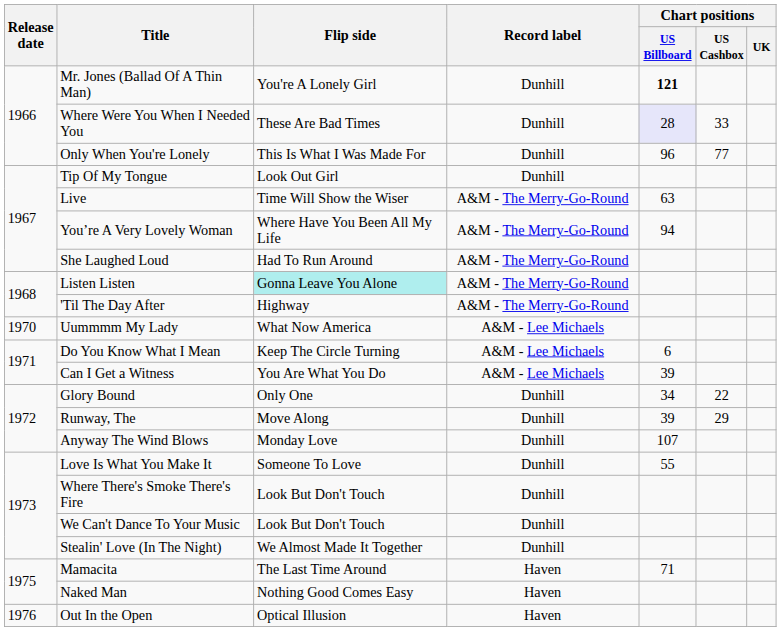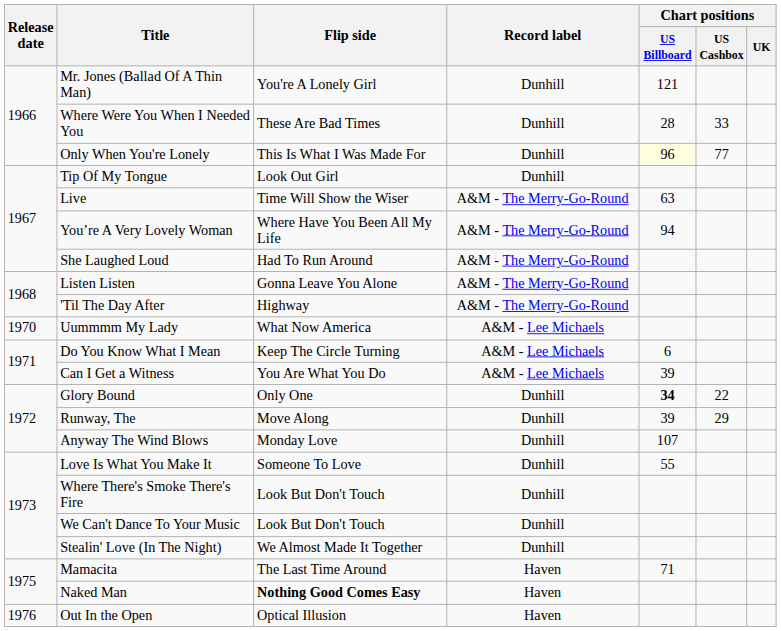 <table class="wikitable">
 <tr>
 <th style="width:20px;" rowspan="2">Release date</th>
 <th style="width:350px;" rowspan="2">Title</th>
 <th style="width:350px;" rowspan="2">Flip side</th>
 <th style="width:350px;" rowspan="2">Record label</th>
 <th colspan="4">Chart positions</th>
 </tr>
 <tr>
 <th style="width:60px;"><small><a href='#'>US Billboard</a></small></th>
 <th style="width:50px;"><small> US Cashbox </small></th>
 <th style="width:30px;"><small>UK</small></th>
 </tr>
 <tr>
 <td rowspan="3">1966</td>
 <td>Mr. Jones (Ballad Of A Thin Man)</td>
 <td>You're A Lonely Girl</td>
 <td style="text-align:center;">Dunhill</td>
-<td style="text-align:center;"><strong>121</strong></td>
+<td style="text-align:center;">121</td>
 <td style="text-align:center;"></td>
 <td style="text-align:center;"></td>
 </tr>
 <tr>
 <td>Where Were You When I Needed You</td>
 <td>These Are Bad Times</td>
 <td style="text-align:center;">Dunhill</td>
-<td style="background: lavender; text-align:center;">28</td>
+<td style="text-align:center;">28</td>
 <td style="text-align:center;">33</td>
 <td style="text-align:center;"></td>
 </tr>
 <tr>
 <td>Only When You're Lonely</td>
 <td>This Is What I Was Made For</td>
 <td style="text-align:center;">Dunhill</td>
-<td style="text-align:center;">96</td>
+<td style="background: lightyellow; text-align:center;">96</td>
 <td style="text-align:center;">77</td>
 <td style="text-align:center;"></td>
 </tr>
 <tr>
 <td rowspan="4">1967</td>
 <td>Tip Of My Tongue</td>
 <td>Look Out Girl</td>
 <td style="text-align:center;">Dunhill</td>
 <td style="text-align:center;"></td>
 <td style="text-align:center;"></td>
 <td style="text-align:center;"></td>
 </tr>
 <tr>
 <td>Live</td>
 <td>Time Will Show the Wiser</td>
 <td style="text-align:center;">A&M - <a href='#'>The Merry-Go-Round</a></td>
 <td style="text-align:center;">63</td>
 <td style="text-align:center;"></td>
 <td style="text-align:center;"></td>
 </tr>
 <tr>
 <td>You’re A Very Lovely Woman</td>
 <td>Where Have You Been All My Life</td>
 <td style="text-align:center;">A&M - <a href='#'>The Merry-Go-Round</a></td>
 <td style="text-align:center;">94</td>
 <td style="text-align:center;"></td>
 <td style="text-align:center;"></td>
 </tr>
 <tr>
 <td>She Laughed Loud</td>
 <td>Had To Run Around</td>
 <td style="text-align:center;">A&M - <a href='#'>The Merry-Go-Round</a></td>
 <td style="text-align:center;"></td>
 <td style="text-align:center;"></td>
 <td style="text-align:center;"></td>
 </tr>
 <tr>
 <td rowspan="2">1968</td>
 <td>Listen Listen</td>
-<td style="background: paleturquoise;">Gonna Leave You Alone</td>
+<td>Gonna Leave You Alone</td>
 <td style="text-align:center;">A&M - <a href='#'>The Merry-Go-Round</a></td>
 <td style="text-align:center;"></td>
 <td style="text-align:center;"></td>
 <td style="text-align:center;"></td>
 </tr>
 <tr>
 <td>'Til The Day After</td>
 <td>Highway</td>
 <td style="text-align:center;">A&M - <a href='#'>The Merry-Go-Round</a></td>
 <td style="text-align:center;"></td>
 <td style="text-align:center;"></td>
 <td style="text-align:center;"></td>
 </tr>
 <tr>
 <td>1970</td>
 <td>Uummmm My Lady</td>
 <td>What Now America</td>
 <td style="text-align:center;">A&M - <a href='#'>Lee Michaels</a></td>
 <td style="text-align:center;"></td>
 <td style="text-align:center;"></td>
 <td style="text-align:center;"></td>
 </tr>
 <tr>
 <td rowspan="2">1971</td>
 <td>Do You Know What I Mean</td>
 <td>Keep The Circle Turning</td>
 <td style="text-align:center;">A&M - <a href='#'>Lee Michaels</a></td>
 <td style="text-align:center;">6</td>
 <td style="text-align:center;"></td>
 <td style="text-align:center;"></td>
 </tr>
 <tr>
 <td>Can I Get a Witness</td>
 <td>You Are What You Do</td>
 <td style="text-align:center;">A&M - <a href='#'>Lee Michaels</a></td>
 <td style="text-align:center;">39</td>
 <td style="text-align:center;"></td>
 <td style="text-align:center;"></td>
 </tr>
 <tr>
 <td rowspan="3">1972</td>
 <td>Glory Bound</td>
 <td>Only One</td>
 <td style="text-align:center;">Dunhill</td>
-<td style="text-align:center;">34</td>
+<td style="text-align:center;"><strong>34</strong></td>
 <td style="text-align:center;">22</td>
 <td style="text-align:center;"></td>
 </tr>
 <tr>
 <td>Runway, The</td>
 <td>Move Along</td>
 <td style="text-align:center;">Dunhill</td>
 <td style="text-align:center;">39</td>
 <td style="text-align:center;">29</td>
 <td style="text-align:center;"></td>
 </tr>
 <tr>
 <td>Anyway The Wind Blows</td>
 <td>Monday Love</td>
 <td style="text-align:center;">Dunhill</td>
 <td style="text-align:center;">107</td>
 <td style="text-align:center;"></td>
 <td style="text-align:center;"></td>
 </tr>
 <tr>
 <td rowspan="4">1973</td>
 <td>Love Is What You Make It</td>
 <td>Someone To Love</td>
 <td style="text-align:center;">Dunhill</td>
 <td style="text-align:center;">55</td>
 <td style="text-align:center;"></td>
 <td style="text-align:center;"></td>
 </tr>
 <tr>
 <td>Where There's Smoke There's Fire</td>
 <td>Look But Don't Touch</td>
 <td style="text-align:center;">Dunhill</td>
 <td style="text-align:center;"></td>
 <td style="text-align:center;"></td>
 <td style="text-align:center;"></td>
 </tr>
 <tr>
 <td>We Can't Dance To Your Music</td>
 <td>Look But Don't Touch</td>
 <td style="text-align:center;">Dunhill</td>
 <td style="text-align:center;"></td>
 <td style="text-align:center;"></td>
 <td style="text-align:center;"></td>
 </tr>
 <tr>
 <td>Stealin' Love (In The Night)</td>
 <td>We Almost Made It Together</td>
 <td style="text-align:center;">Dunhill</td>
 <td style="text-align:center;"></td>
 <td style="text-align:center;"></td>
 <td style="text-align:center;"></td>
 </tr>
 <tr>
 <td rowspan="2">1975</td>
 <td>Mamacita</td>
 <td>The Last Time Around</td>
 <td style="text-align:center;">Haven</td>
 <td style="text-align:center;">71</td>
 <td style="text-align:center;"></td>
 <td style="text-align:center;"></td>
 </tr>
 <tr>
 <td>Naked Man</td>
-<td>Nothing Good Comes Easy</td>
+<td><strong>Nothing Good Comes Easy</strong></td>
 <td style="text-align:center;">Haven</td>
 <td style="text-align:center;"></td>
 <td style="text-align:center;"></td>
 <td style="text-align:center;"></td>
 </tr>
 <tr>
 <td>1976</td>
 <td>Out In the Open</td>
 <td>Optical Illusion</td>
 <td style="text-align:center;">Haven</td>
 <td style="text-align:center;"></td>
 <td style="text-align:center;"></td>
 <td style="text-align:center;"></td>
 </tr>
 </table>
